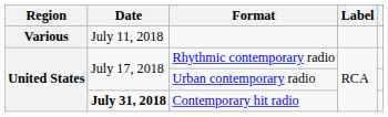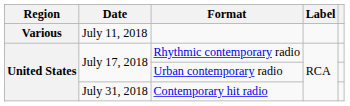 <table class="wikitable plainrowheaders">
 <tr>
 <th scope="col">Region</th>
 <th scope="col">Date</th>
 <th scope="col">Format</th>
 <th scope="col">Label</th>
 <th scope="col"></th>
 </tr>
 <tr>
 <th scope="row">Various</th>
 <td>July 11, 2018</td>
 <td></td>
 <td></td>
 <td></td>
 </tr>
 <tr>
 <th scope="row" rowspan="3">United States</th>
 <td rowspan="2">July 17, 2018</td>
 <td><a href='#'>Rhythmic contemporary</a> radio</td>
 <td rowspan="3">RCA</td>
 <td></td>
 </tr>
 <tr>
 <td><a href='#'>Urban contemporary</a> radio</td>
 <td></td>
 </tr>
 <tr>
-<td><strong>July 31, 2018</strong></td>
+<td>July 31, 2018</td>
 <td><a href='#'>Contemporary hit radio</a></td>
 <td></td>
 </tr>
 </table>
